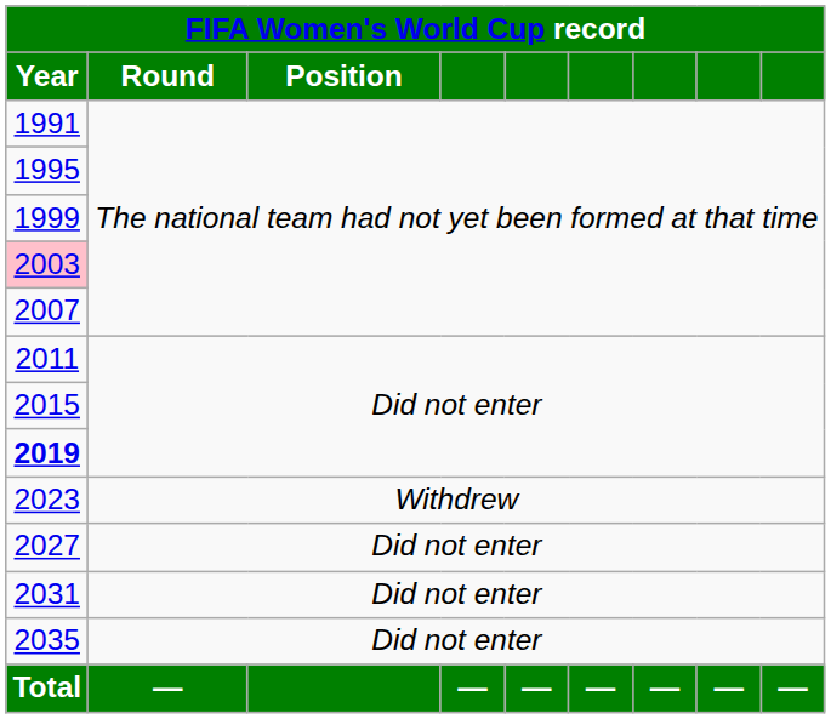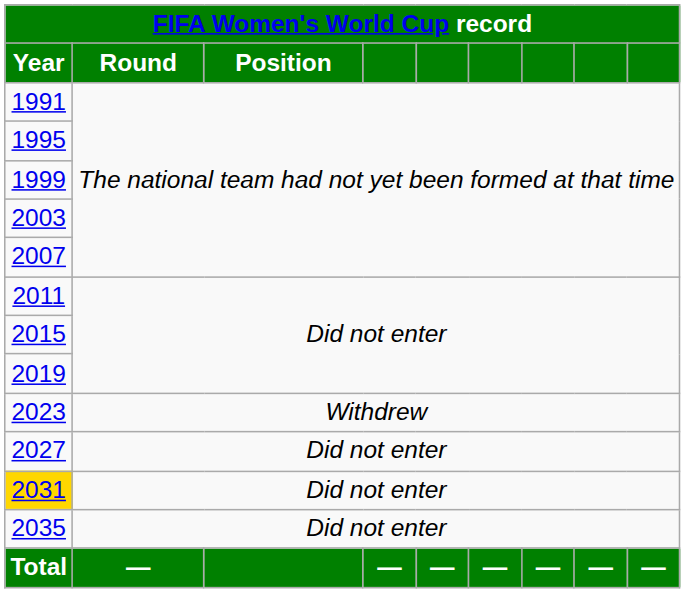 <table class="wikitable" style="text-align:center">
 <tr>
 <th colspan="9" style="background:green; color:#FFF; "><a href='#'><span>FIFA Women's World Cup</span></a> record</th>
 </tr>
 <tr>
 <th style="background:green; color:#FFF; ">Year</th>
 <th style="background:green; color:#FFF; ">Round</th>
 <th style="background:green; color:#FFF; ">Position</th>
 <th style="background:green; color:#FFF; "></th>
 <th style="background:green; color:#FFF; "></th>
 <th style="background:green; color:#FFF; "></th>
 <th style="background:green; color:#FFF; "></th>
 <th style="background:green; color:#FFF; "></th>
 <th style="background:green; color:#FFF; "></th>
 </tr>
 <tr>
 <td> <a href='#'>1991</a></td>
 <td rowspan="5" colspan="8"><em>The national team had not yet been formed at that time</em></td>
 </tr>
 <tr>
 <td> <a href='#'>1995</a></td>
 </tr>
 <tr>
 <td> <a href='#'>1999</a></td>
 </tr>
 <tr>
-<td style="background: pink;"> <a href='#'>2003</a></td>
+<td> <a href='#'>2003</a></td>
 </tr>
 <tr>
 <td> <a href='#'>2007</a></td>
 </tr>
 <tr>
 <td> <a href='#'>2011</a></td>
 <td rowspan="3" colspan="8"><em>Did not enter</em></td>
 </tr>
 <tr>
 <td> <a href='#'>2015</a></td>
 </tr>
 <tr>
-<td><strong> <a href='#'>2019</a></strong></td>
+<td> <a href='#'>2019</a></td>
 </tr>
 <tr>
 <td>  <a href='#'>2023</a></td>
 <td colspan="8"><em>Withdrew</em></td>
 </tr>
 <tr>
 <td> <a href='#'>2027</a></td>
 <td colspan="8"><em>Did not enter</em></td>
 </tr>
 <tr>
-<td> <a href='#'>2031</a></td>
+<td style="background: gold;"> <a href='#'>2031</a></td>
 <td colspan="8"><em>Did not enter</em></td>
 </tr>
 <tr>
 <td> <a href='#'>2035</a></td>
 <td colspan="8"><em>Did not enter</em></td>
 </tr>
 <tr>
 <th style="background:green; color:#FFF; ">Total</th>
 <th style="background:green; color:#FFF; ">—</th>
 <th style="background:green; color:#FFF; "></th>
 <th style="background:green; color:#FFF; ">—</th>
 <th style="background:green; color:#FFF; ">—</th>
 <th style="background:green; color:#FFF; ">—</th>
 <th style="background:green; color:#FFF; ">—</th>
 <th style="background:green; color:#FFF; ">—</th>
 <th style="background:green; color:#FFF; ">—</th>
 </tr>
 </table>
